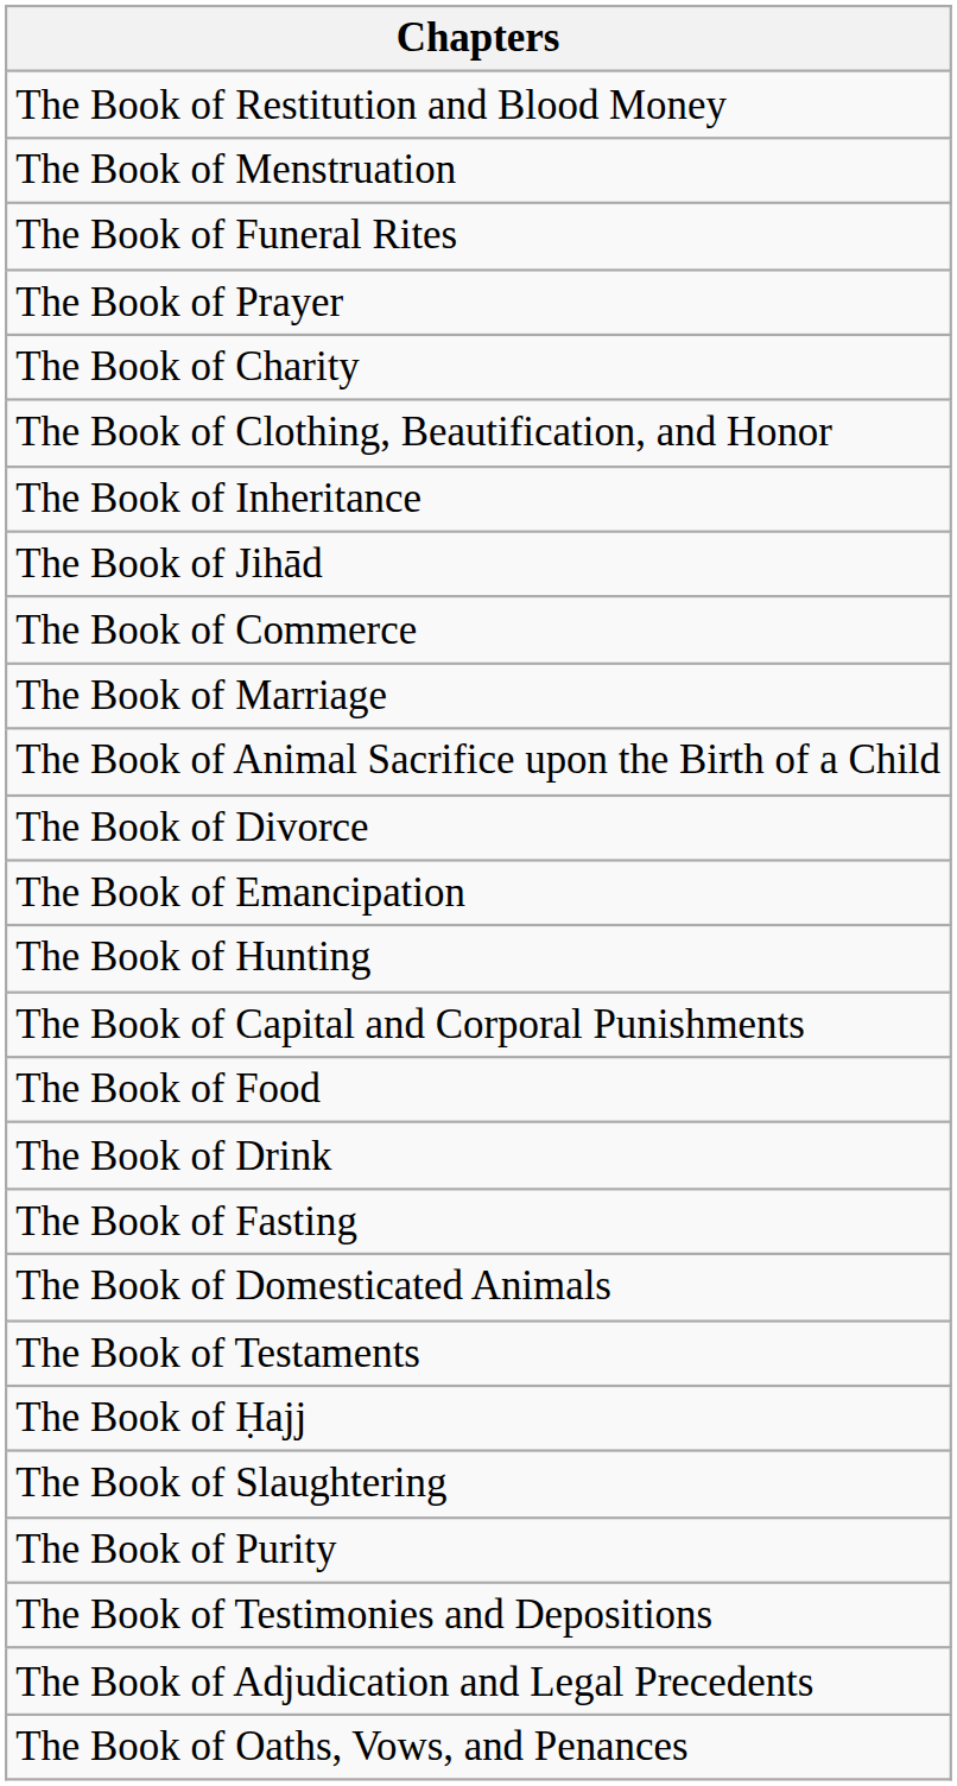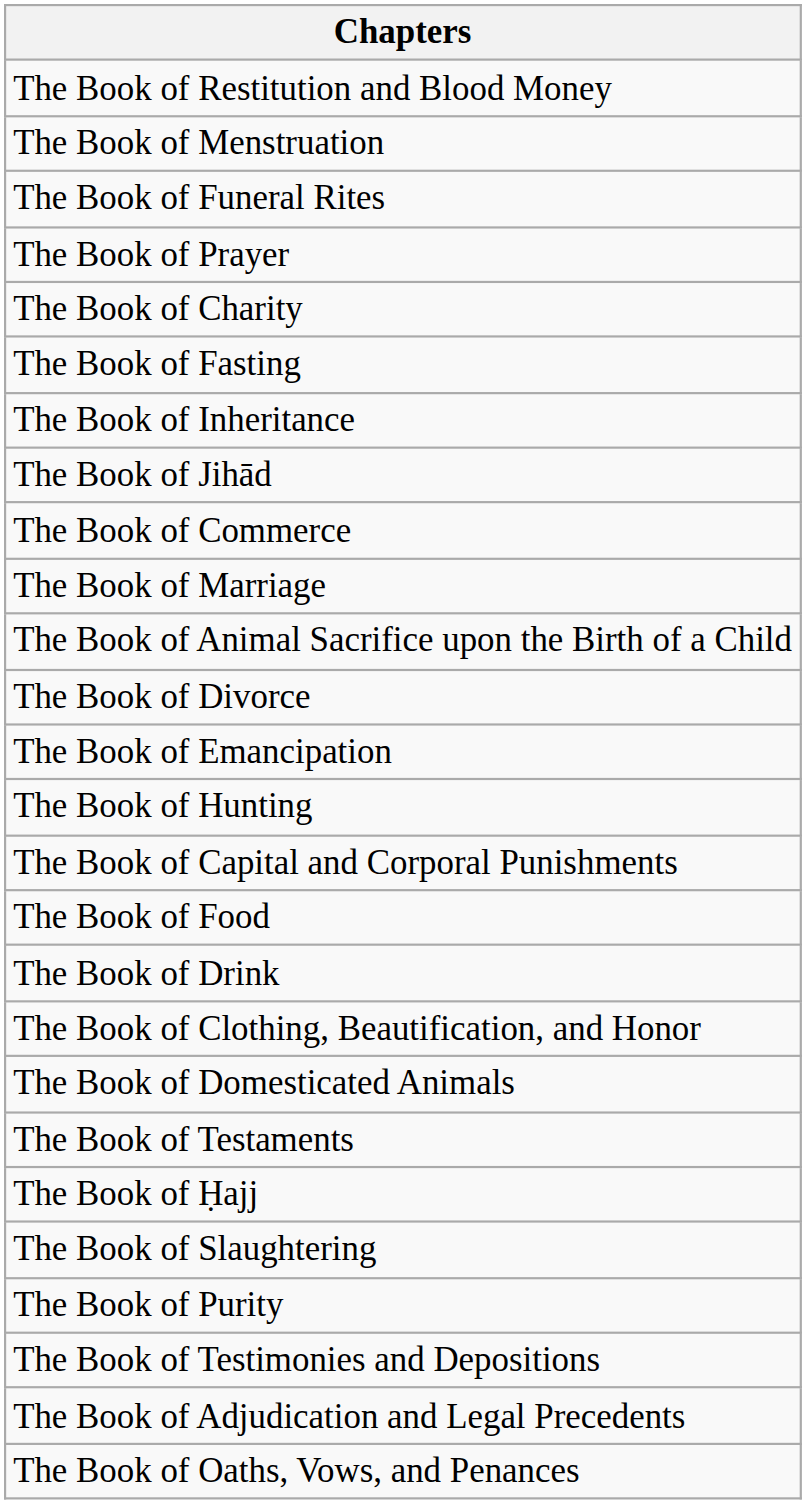 <table class="wikitable">
 <tr>
 <th>Chapters</th>
 </tr>
 <tr>
 <td>The Book of Restitution and Blood Money</td>
 </tr>
 <tr>
 <td>The Book of Menstruation</td>
 </tr>
 <tr>
 <td>The Book of Funeral Rites</td>
 </tr>
 <tr>
 <td>The Book of Prayer</td>
 </tr>
 <tr>
 <td>The Book of Charity</td>
 </tr>
 <tr>
-<td>The Book of Clothing, Beautification, and Honor</td>
+<td>The Book of Fasting</td>
 </tr>
 <tr>
 <td>The Book of Inheritance</td>
 </tr>
 <tr>
 <td>The Book of Jihād</td>
 </tr>
 <tr>
 <td>The Book of Commerce</td>
 </tr>
 <tr>
 <td>The Book of Marriage</td>
 </tr>
 <tr>
 <td>The Book of Animal Sacrifice upon the Birth of a Child</td>
 </tr>
 <tr>
 <td>The Book of Divorce</td>
 </tr>
 <tr>
 <td>The Book of Emancipation</td>
 </tr>
 <tr>
 <td>The Book of Hunting</td>
 </tr>
 <tr>
 <td>The Book of Capital and Corporal Punishments</td>
 </tr>
 <tr>
 <td>The Book of Food</td>
 </tr>
 <tr>
 <td>The Book of Drink</td>
 </tr>
 <tr>
-<td>The Book of Fasting</td>
+<td>The Book of Clothing, Beautification, and Honor</td>
 </tr>
 <tr>
 <td>The Book of Domesticated Animals</td>
 </tr>
 <tr>
 <td>The Book of Testaments</td>
 </tr>
 <tr>
 <td>The Book of Ḥajj</td>
 </tr>
 <tr>
 <td>The Book of Slaughtering</td>
 </tr>
 <tr>
 <td>The Book of Purity</td>
 </tr>
 <tr>
 <td>The Book of Testimonies and Depositions</td>
 </tr>
 <tr>
 <td>The Book of Adjudication and Legal Precedents</td>
 </tr>
 <tr>
 <td>The Book of Oaths, Vows, and Penances</td>
 </tr>
 </table>
